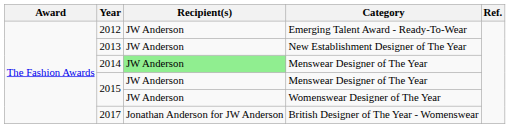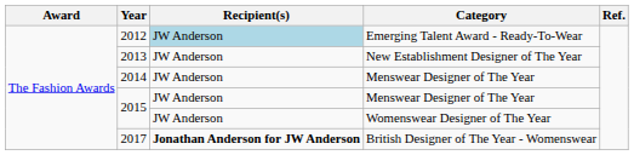 <table class="wikitable">
 <tr>
 <th>Award</th>
 <th>Year</th>
 <th>Recipient(s)</th>
 <th>Category</th>
 <th>Ref.</th>
 </tr>
 <tr>
 <td rowspan="6"><a href='#'>The Fashion Awards</a></td>
 <td>2012</td>
-<td>JW Anderson</td>
+<td style="background: lightblue;">JW Anderson</td>
 <td>Emerging Talent Award - Ready-To-Wear</td>
 <td rowspan="6"></td>
 </tr>
 <tr>
 <td>2013</td>
 <td>JW Anderson</td>
 <td>New Establishment Designer of The Year</td>
 </tr>
 <tr>
 <td>2014</td>
-<td style="background: lightgreen;">JW Anderson</td>
+<td>JW Anderson</td>
 <td>Menswear Designer of The Year</td>
 </tr>
 <tr>
 <td rowspan="2">2015</td>
 <td>JW Anderson</td>
 <td>Menswear Designer of The Year</td>
 </tr>
 <tr>
 <td>JW Anderson</td>
 <td>Womenswear Designer of The Year</td>
 </tr>
 <tr>
 <td>2017</td>
-<td>Jonathan Anderson for JW Anderson</td>
+<td><strong>Jonathan Anderson for JW Anderson</strong></td>
 <td>British Designer of The Year - Womenswear</td>
 </tr>
 </table>
